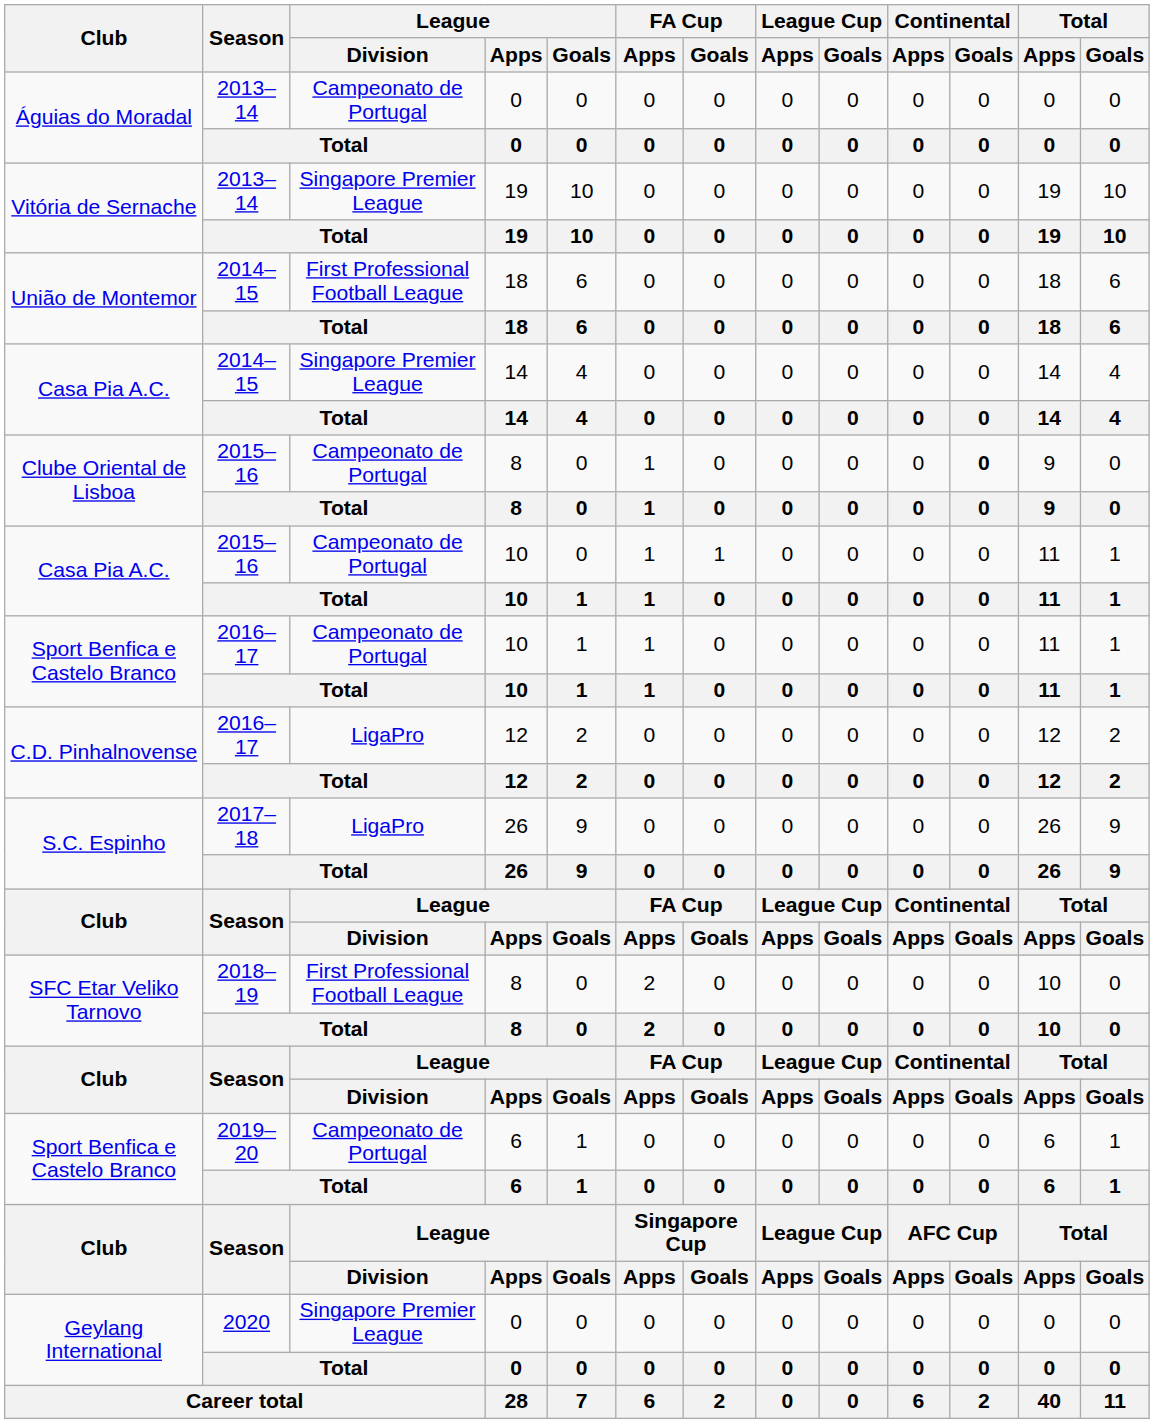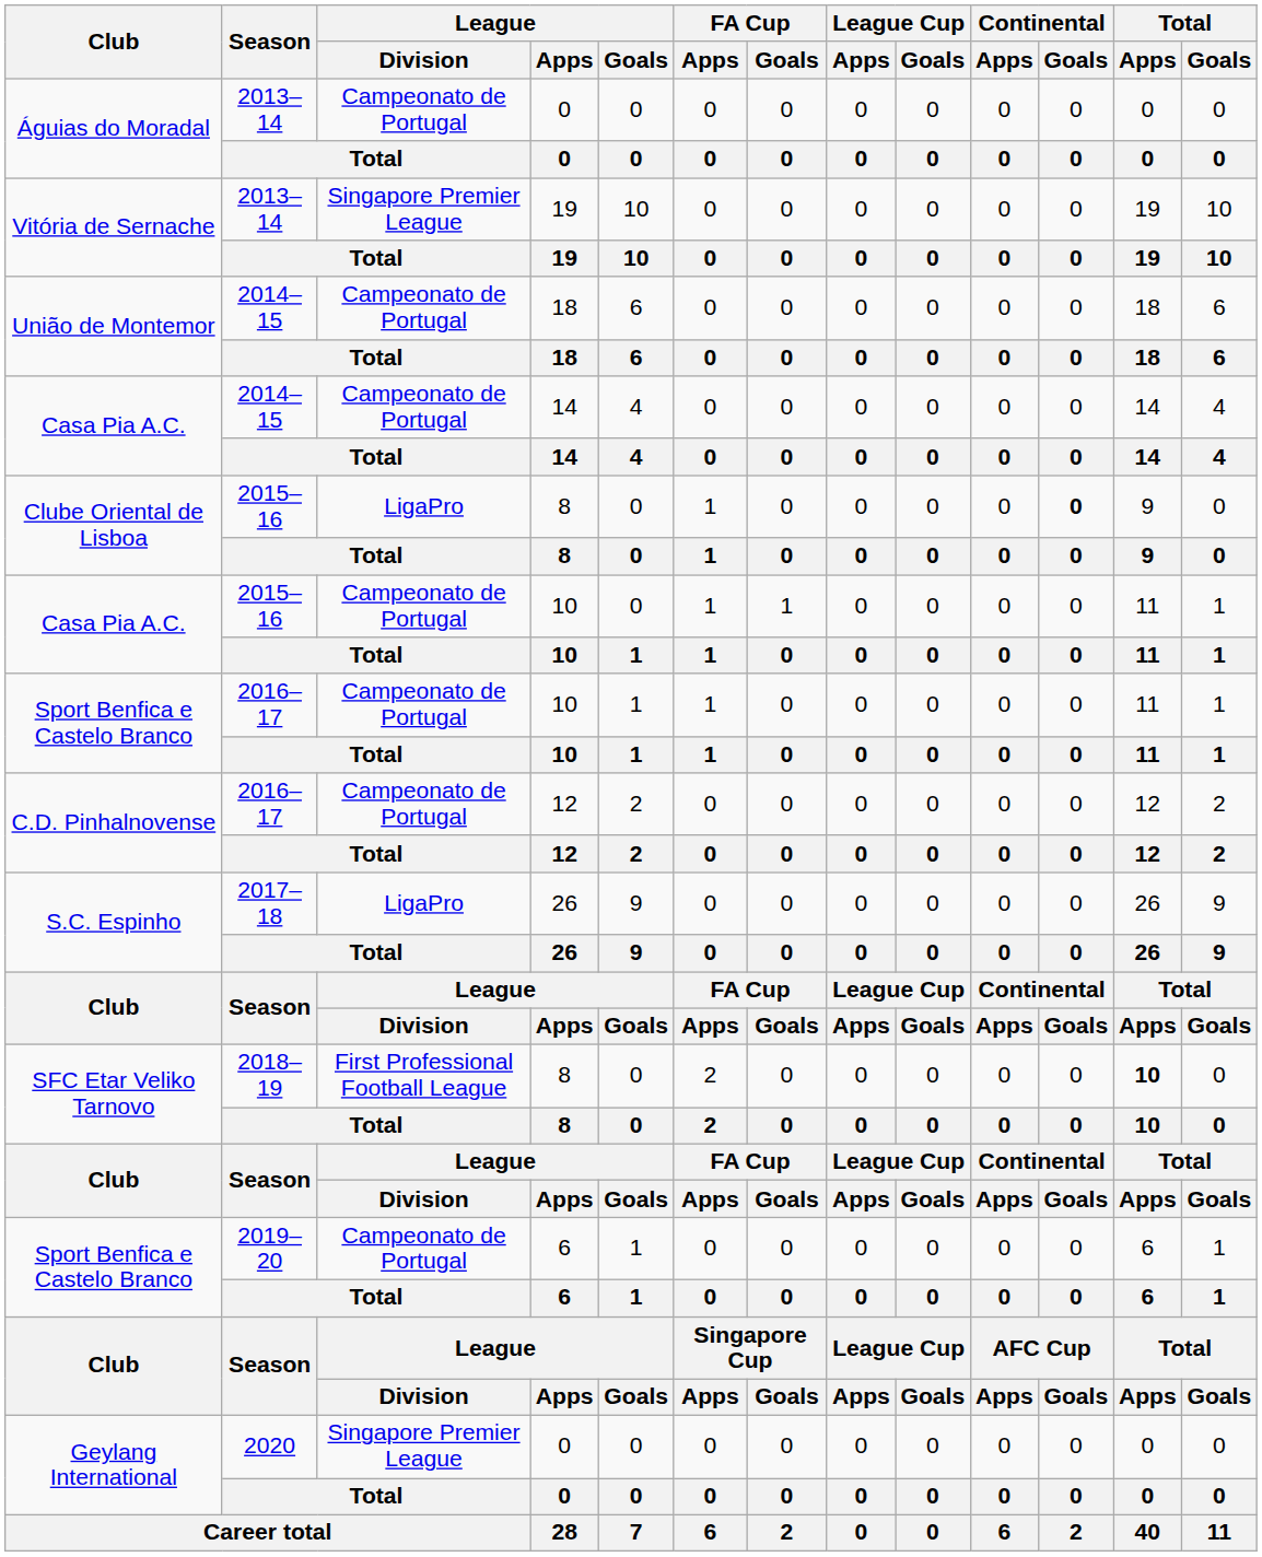 <table class="wikitable" style="text-align: center">
 <tr>
 <th rowspan="2">Club</th>
 <th rowspan="2">Season</th>
 <th colspan="3">League</th>
 <th colspan="2">FA Cup</th>
 <th colspan="2">League Cup</th>
 <th colspan="2">Continental</th>
 <th colspan="2">Total</th>
 </tr>
 <tr>
 <th>Division</th>
 <th>Apps</th>
 <th>Goals</th>
 <th>Apps</th>
 <th>Goals</th>
 <th>Apps</th>
 <th>Goals</th>
 <th>Apps</th>
 <th>Goals</th>
 <th>Apps</th>
 <th>Goals</th>
 </tr>
 <tr>
 <td rowspan="2"><a href='#'>Águias do Moradal</a></td>
 <td><a href='#'>2013–14</a></td>
 <td><a href='#'>Campeonato de Portugal</a></td>
 <td>0</td>
 <td>0</td>
 <td>0</td>
 <td>0</td>
 <td>0</td>
 <td>0</td>
 <td>0</td>
 <td>0</td>
 <td>0</td>
 <td>0</td>
 </tr>
 <tr>
 <th colspan=2>Total</th>
 <th>0</th>
 <th>0</th>
 <th>0</th>
 <th>0</th>
 <th>0</th>
 <th>0</th>
 <th>0</th>
 <th>0</th>
 <th>0</th>
 <th>0</th>
 </tr>
 <tr>
 <td rowspan="2"><a href='#'>Vitória de Sernache</a></td>
 <td><a href='#'>2013–14</a></td>
 <td><a href='#'>Singapore Premier League</a></td>
 <td>19</td>
 <td>10</td>
 <td>0</td>
 <td>0</td>
 <td>0</td>
 <td>0</td>
 <td>0</td>
 <td>0</td>
 <td>19</td>
 <td>10</td>
 </tr>
 <tr>
 <th colspan=2>Total</th>
 <th>19</th>
 <th>10</th>
 <th>0</th>
 <th>0</th>
 <th>0</th>
 <th>0</th>
 <th>0</th>
 <th>0</th>
 <th>19</th>
 <th>10</th>
 </tr>
 <tr>
 <td rowspan="2"><a href='#'>União de Montemor</a></td>
 <td><a href='#'>2014–15</a></td>
-<td><a href='#'>First Professional Football League</a></td>
+<td><a href='#'>Campeonato de Portugal</a></td>
 <td>18</td>
 <td>6</td>
 <td>0</td>
 <td>0</td>
 <td>0</td>
 <td>0</td>
 <td>0</td>
 <td>0</td>
 <td>18</td>
 <td>6</td>
 </tr>
 <tr>
 <th colspan=2>Total</th>
 <th>18</th>
 <th>6</th>
 <th>0</th>
 <th>0</th>
 <th>0</th>
 <th>0</th>
 <th>0</th>
 <th>0</th>
 <th>18</th>
 <th>6</th>
 </tr>
 <tr>
 <td rowspan="2"><a href='#'>Casa Pia A.C.</a></td>
 <td><a href='#'>2014–15</a></td>
-<td><a href='#'>Singapore Premier League</a></td>
+<td><a href='#'>Campeonato de Portugal</a></td>
 <td>14</td>
 <td>4</td>
 <td>0</td>
 <td>0</td>
 <td>0</td>
 <td>0</td>
 <td>0</td>
 <td>0</td>
 <td>14</td>
 <td>4</td>
 </tr>
 <tr>
 <th colspan=2>Total</th>
 <th>14</th>
 <th>4</th>
 <th>0</th>
 <th>0</th>
 <th>0</th>
 <th>0</th>
 <th>0</th>
 <th>0</th>
 <th>14</th>
 <th>4</th>
 </tr>
 <tr>
 <td rowspan="2"><a href='#'>Clube Oriental de Lisboa</a></td>
 <td><a href='#'>2015–16</a></td>
-<td><a href='#'>Campeonato de Portugal</a></td>
+<td><a href='#'>LigaPro</a></td>
 <td>8</td>
 <td>0</td>
 <td>1</td>
 <td>0</td>
 <td>0</td>
 <td>0</td>
 <td>0</td>
 <td><strong>0</strong></td>
 <td>9</td>
 <td>0</td>
 </tr>
 <tr>
 <th colspan=2>Total</th>
 <th>8</th>
 <th>0</th>
 <th>1</th>
 <th>0</th>
 <th>0</th>
 <th>0</th>
 <th>0</th>
 <th>0</th>
 <th>9</th>
 <th>0</th>
 </tr>
 <tr>
 <td rowspan="2"><a href='#'>Casa Pia A.C.</a></td>
 <td><a href='#'>2015–16</a></td>
 <td><a href='#'>Campeonato de Portugal</a></td>
 <td>10</td>
 <td>0</td>
 <td>1</td>
 <td>1</td>
 <td>0</td>
 <td>0</td>
 <td>0</td>
 <td>0</td>
 <td>11</td>
 <td>1</td>
 </tr>
 <tr>
 <th colspan=2>Total</th>
 <th>10</th>
 <th>1</th>
 <th>1</th>
 <th>0</th>
 <th>0</th>
 <th>0</th>
 <th>0</th>
 <th>0</th>
 <th>11</th>
 <th>1</th>
 </tr>
 <tr>
 <td rowspan="2"><a href='#'>Sport Benfica e Castelo Branco</a></td>
 <td><a href='#'>2016–17</a></td>
 <td><a href='#'>Campeonato de Portugal</a></td>
 <td>10</td>
 <td>1</td>
 <td>1</td>
 <td>0</td>
 <td>0</td>
 <td>0</td>
 <td>0</td>
 <td>0</td>
 <td>11</td>
 <td>1</td>
 </tr>
 <tr>
 <th colspan=2>Total</th>
 <th>10</th>
 <th>1</th>
 <th>1</th>
 <th>0</th>
 <th>0</th>
 <th>0</th>
 <th>0</th>
 <th>0</th>
 <th>11</th>
 <th>1</th>
 </tr>
 <tr>
 <td rowspan="2"><a href='#'>C.D. Pinhalnovense</a></td>
 <td><a href='#'>2016–17</a></td>
-<td><a href='#'>LigaPro</a></td>
+<td><a href='#'>Campeonato de Portugal</a></td>
 <td>12</td>
 <td>2</td>
 <td>0</td>
 <td>0</td>
 <td>0</td>
 <td>0</td>
 <td>0</td>
 <td>0</td>
 <td>12</td>
 <td>2</td>
 </tr>
 <tr>
 <th colspan=2>Total</th>
 <th>12</th>
 <th>2</th>
 <th>0</th>
 <th>0</th>
 <th>0</th>
 <th>0</th>
 <th>0</th>
 <th>0</th>
 <th>12</th>
 <th>2</th>
 </tr>
 <tr>
 <td rowspan="2"><a href='#'>S.C. Espinho</a></td>
 <td><a href='#'>2017–18</a></td>
 <td><a href='#'>LigaPro</a></td>
 <td>26</td>
 <td>9</td>
 <td>0</td>
 <td>0</td>
 <td>0</td>
 <td>0</td>
 <td>0</td>
 <td>0</td>
 <td>26</td>
 <td>9</td>
 </tr>
 <tr>
 <th colspan=2>Total</th>
 <th>26</th>
 <th>9</th>
 <th>0</th>
 <th>0</th>
 <th>0</th>
 <th>0</th>
 <th>0</th>
 <th>0</th>
 <th>26</th>
 <th>9</th>
 </tr>
 <tr>
 <th rowspan="2">Club</th>
 <th rowspan="2">Season</th>
 <th colspan="3">League</th>
 <th colspan="2">FA Cup</th>
 <th colspan="2">League Cup</th>
 <th colspan="2">Continental</th>
 <th colspan="2">Total</th>
 </tr>
 <tr>
 <th>Division</th>
 <th>Apps</th>
 <th>Goals</th>
 <th>Apps</th>
 <th>Goals</th>
 <th>Apps</th>
 <th>Goals</th>
 <th>Apps</th>
 <th>Goals</th>
 <th>Apps</th>
 <th>Goals</th>
 </tr>
 <tr>
 <td rowspan="2"><a href='#'>SFC Etar Veliko Tarnovo</a></td>
 <td><a href='#'>2018–19</a></td>
 <td><a href='#'>First Professional Football League</a></td>
 <td>8</td>
 <td>0</td>
 <td>2</td>
 <td>0</td>
 <td>0</td>
 <td>0</td>
 <td>0</td>
 <td>0</td>
-<td>10</td>
+<td><strong>10</strong></td>
 <td>0</td>
 </tr>
 <tr>
 <th colspan=2>Total</th>
 <th>8</th>
 <th>0</th>
 <th>2</th>
 <th>0</th>
 <th>0</th>
 <th>0</th>
 <th>0</th>
 <th>0</th>
 <th>10</th>
 <th>0</th>
 </tr>
 <tr>
 <th rowspan="2">Club</th>
 <th rowspan="2">Season</th>
 <th colspan="3">League</th>
 <th colspan="2">FA Cup</th>
 <th colspan="2">League Cup</th>
 <th colspan="2">Continental</th>
 <th colspan="2">Total</th>
 </tr>
 <tr>
 <th>Division</th>
 <th>Apps</th>
 <th>Goals</th>
 <th>Apps</th>
 <th>Goals</th>
 <th>Apps</th>
 <th>Goals</th>
 <th>Apps</th>
 <th>Goals</th>
 <th>Apps</th>
 <th>Goals</th>
 </tr>
 <tr>
 <td rowspan="2"><a href='#'>Sport Benfica e Castelo Branco</a></td>
 <td><a href='#'>2019–20</a></td>
 <td><a href='#'>Campeonato de Portugal</a></td>
 <td>6</td>
 <td>1</td>
 <td>0</td>
 <td>0</td>
 <td>0</td>
 <td>0</td>
 <td>0</td>
 <td>0</td>
 <td>6</td>
 <td>1</td>
 </tr>
 <tr>
 <th colspan=2>Total</th>
 <th>6</th>
 <th>1</th>
 <th>0</th>
 <th>0</th>
 <th>0</th>
 <th>0</th>
 <th>0</th>
 <th>0</th>
 <th>6</th>
 <th>1</th>
 </tr>
 <tr>
 <th rowspan="2">Club</th>
 <th rowspan="2">Season</th>
 <th colspan="3">League</th>
 <th colspan="2">Singapore Cup</th>
 <th colspan="2">League Cup</th>
 <th colspan="2">AFC Cup</th>
 <th colspan="2">Total</th>
 </tr>
 <tr>
 <th>Division</th>
 <th>Apps</th>
 <th>Goals</th>
 <th>Apps</th>
 <th>Goals</th>
 <th>Apps</th>
 <th>Goals</th>
 <th>Apps</th>
 <th>Goals</th>
 <th>Apps</th>
 <th>Goals</th>
 </tr>
 <tr>
 <td rowspan="2"><a href='#'>Geylang International</a></td>
 <td><a href='#'>2020</a></td>
 <td><a href='#'>Singapore Premier League</a></td>
 <td>0</td>
 <td>0</td>
 <td>0</td>
 <td>0</td>
 <td>0</td>
 <td>0</td>
 <td>0</td>
 <td>0</td>
 <td>0</td>
 <td>0</td>
 </tr>
 <tr>
 <th colspan=2>Total</th>
 <th>0</th>
 <th>0</th>
 <th>0</th>
 <th>0</th>
 <th>0</th>
 <th>0</th>
 <th>0</th>
 <th>0</th>
 <th>0</th>
 <th>0</th>
 </tr>
 <tr>
 <th colspan=3>Career total</th>
 <th>28</th>
 <th>7</th>
 <th>6</th>
 <th>2</th>
 <th>0</th>
 <th>0</th>
 <th>6</th>
 <th>2</th>
 <th>40</th>
 <th>11</th>
 </tr>
 </table>
